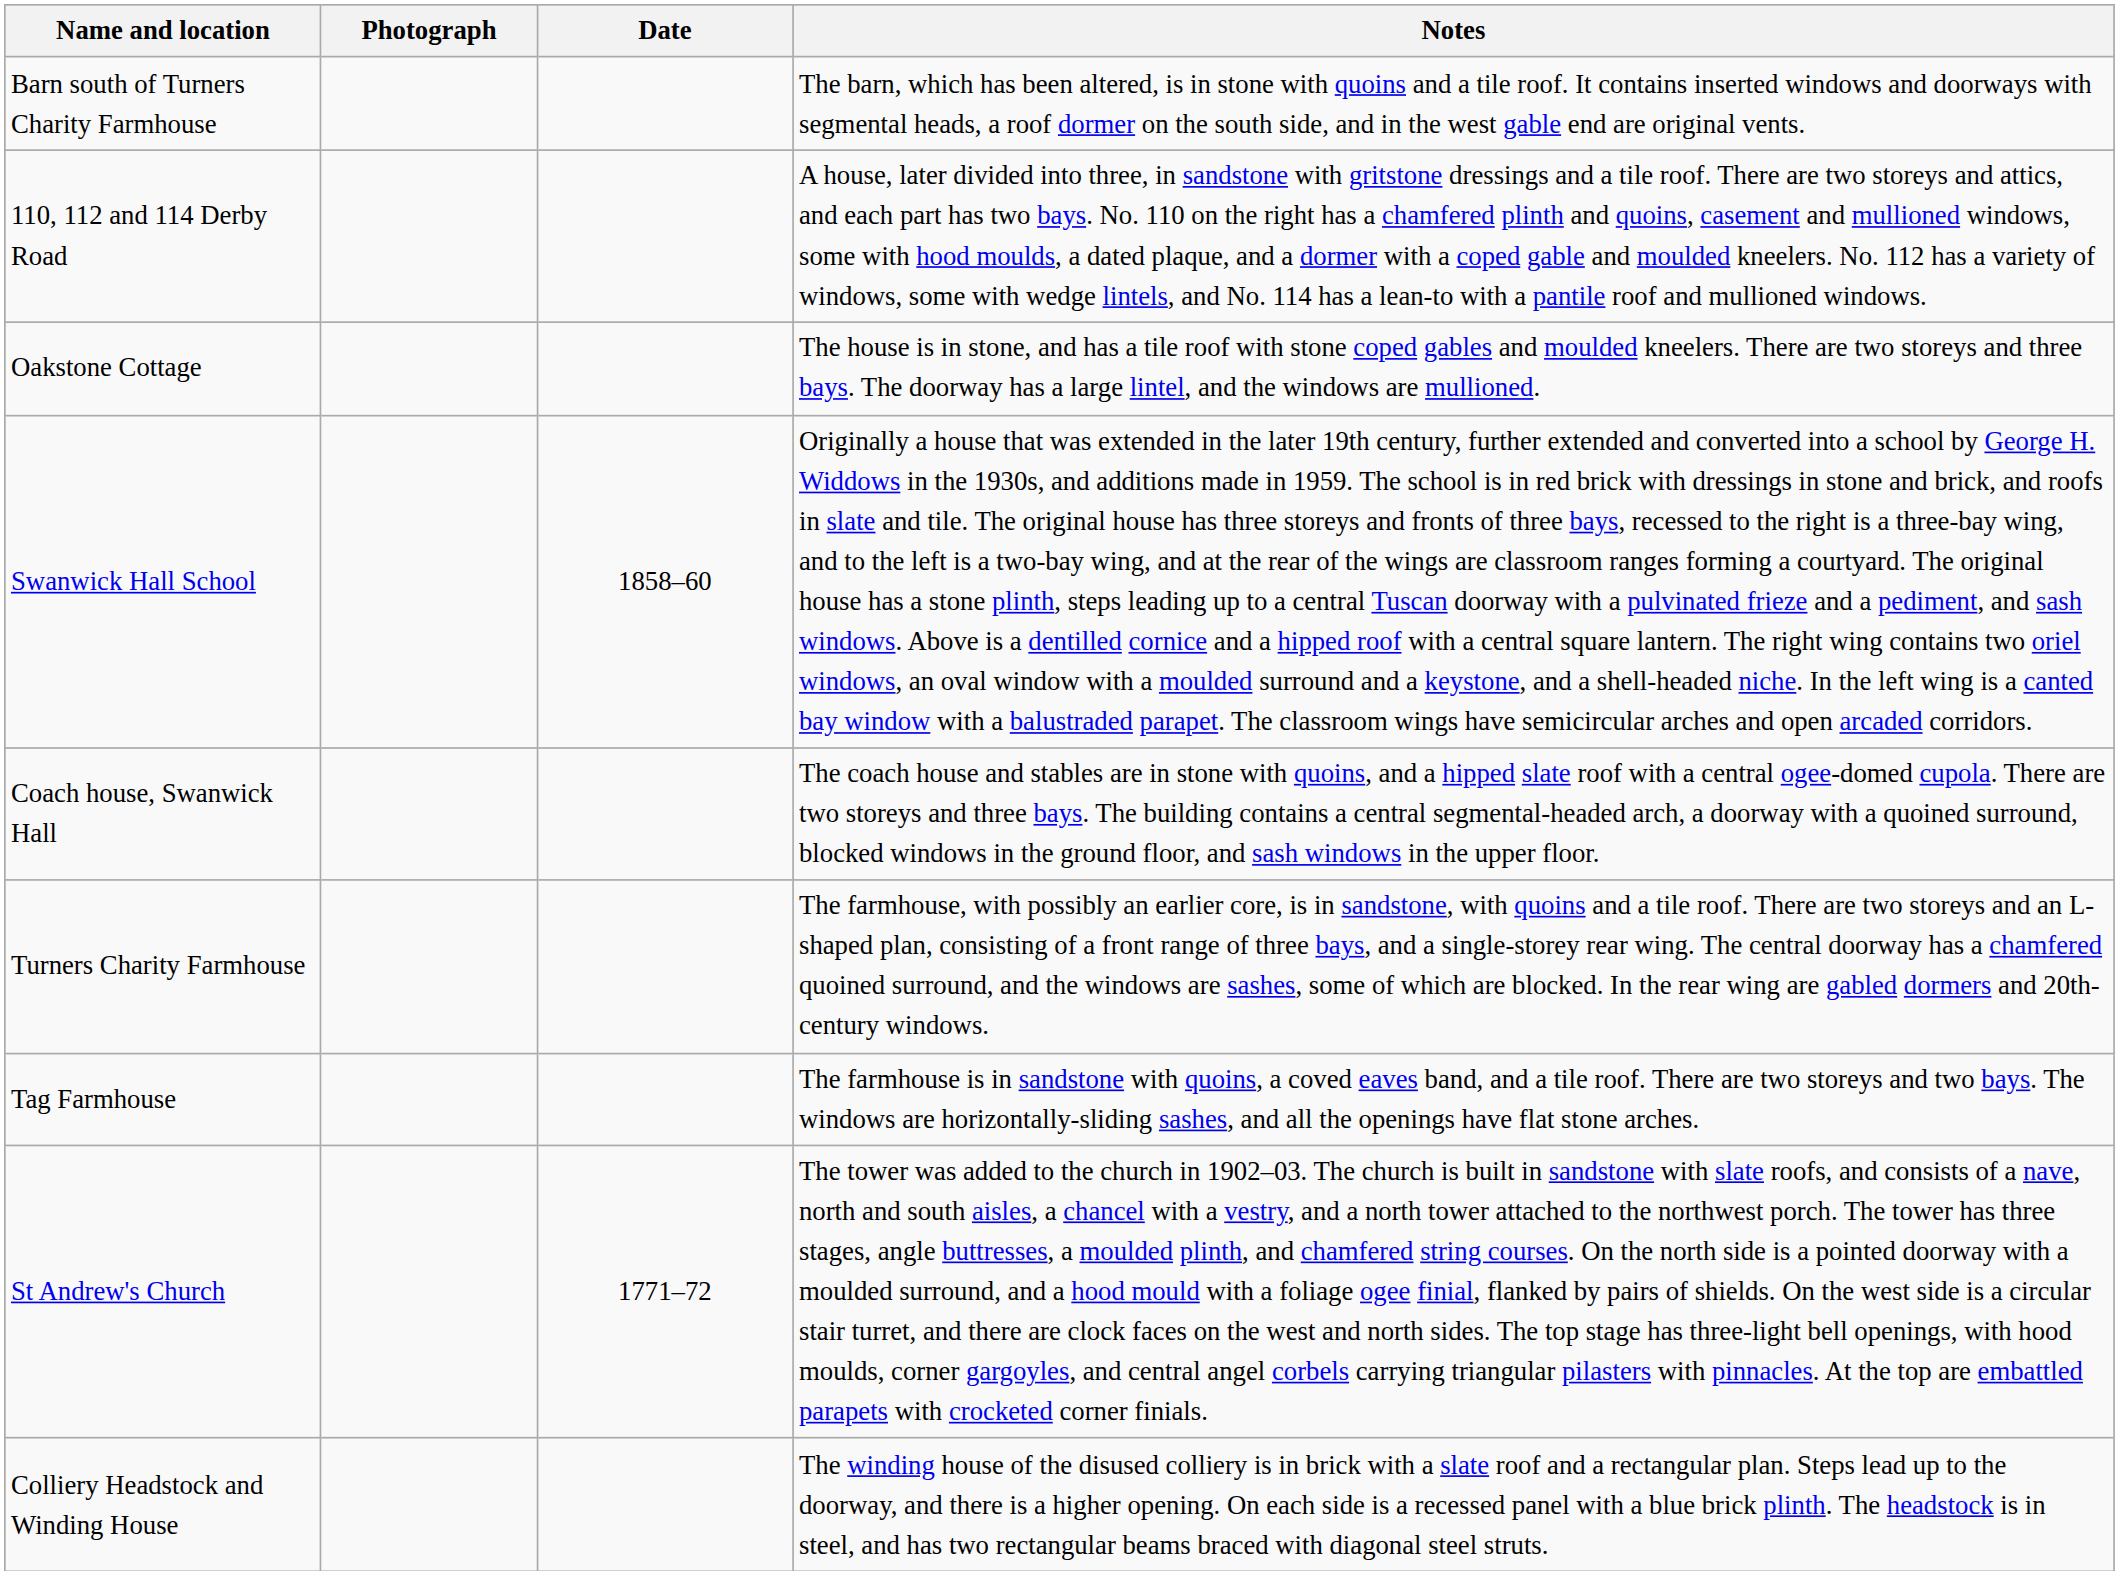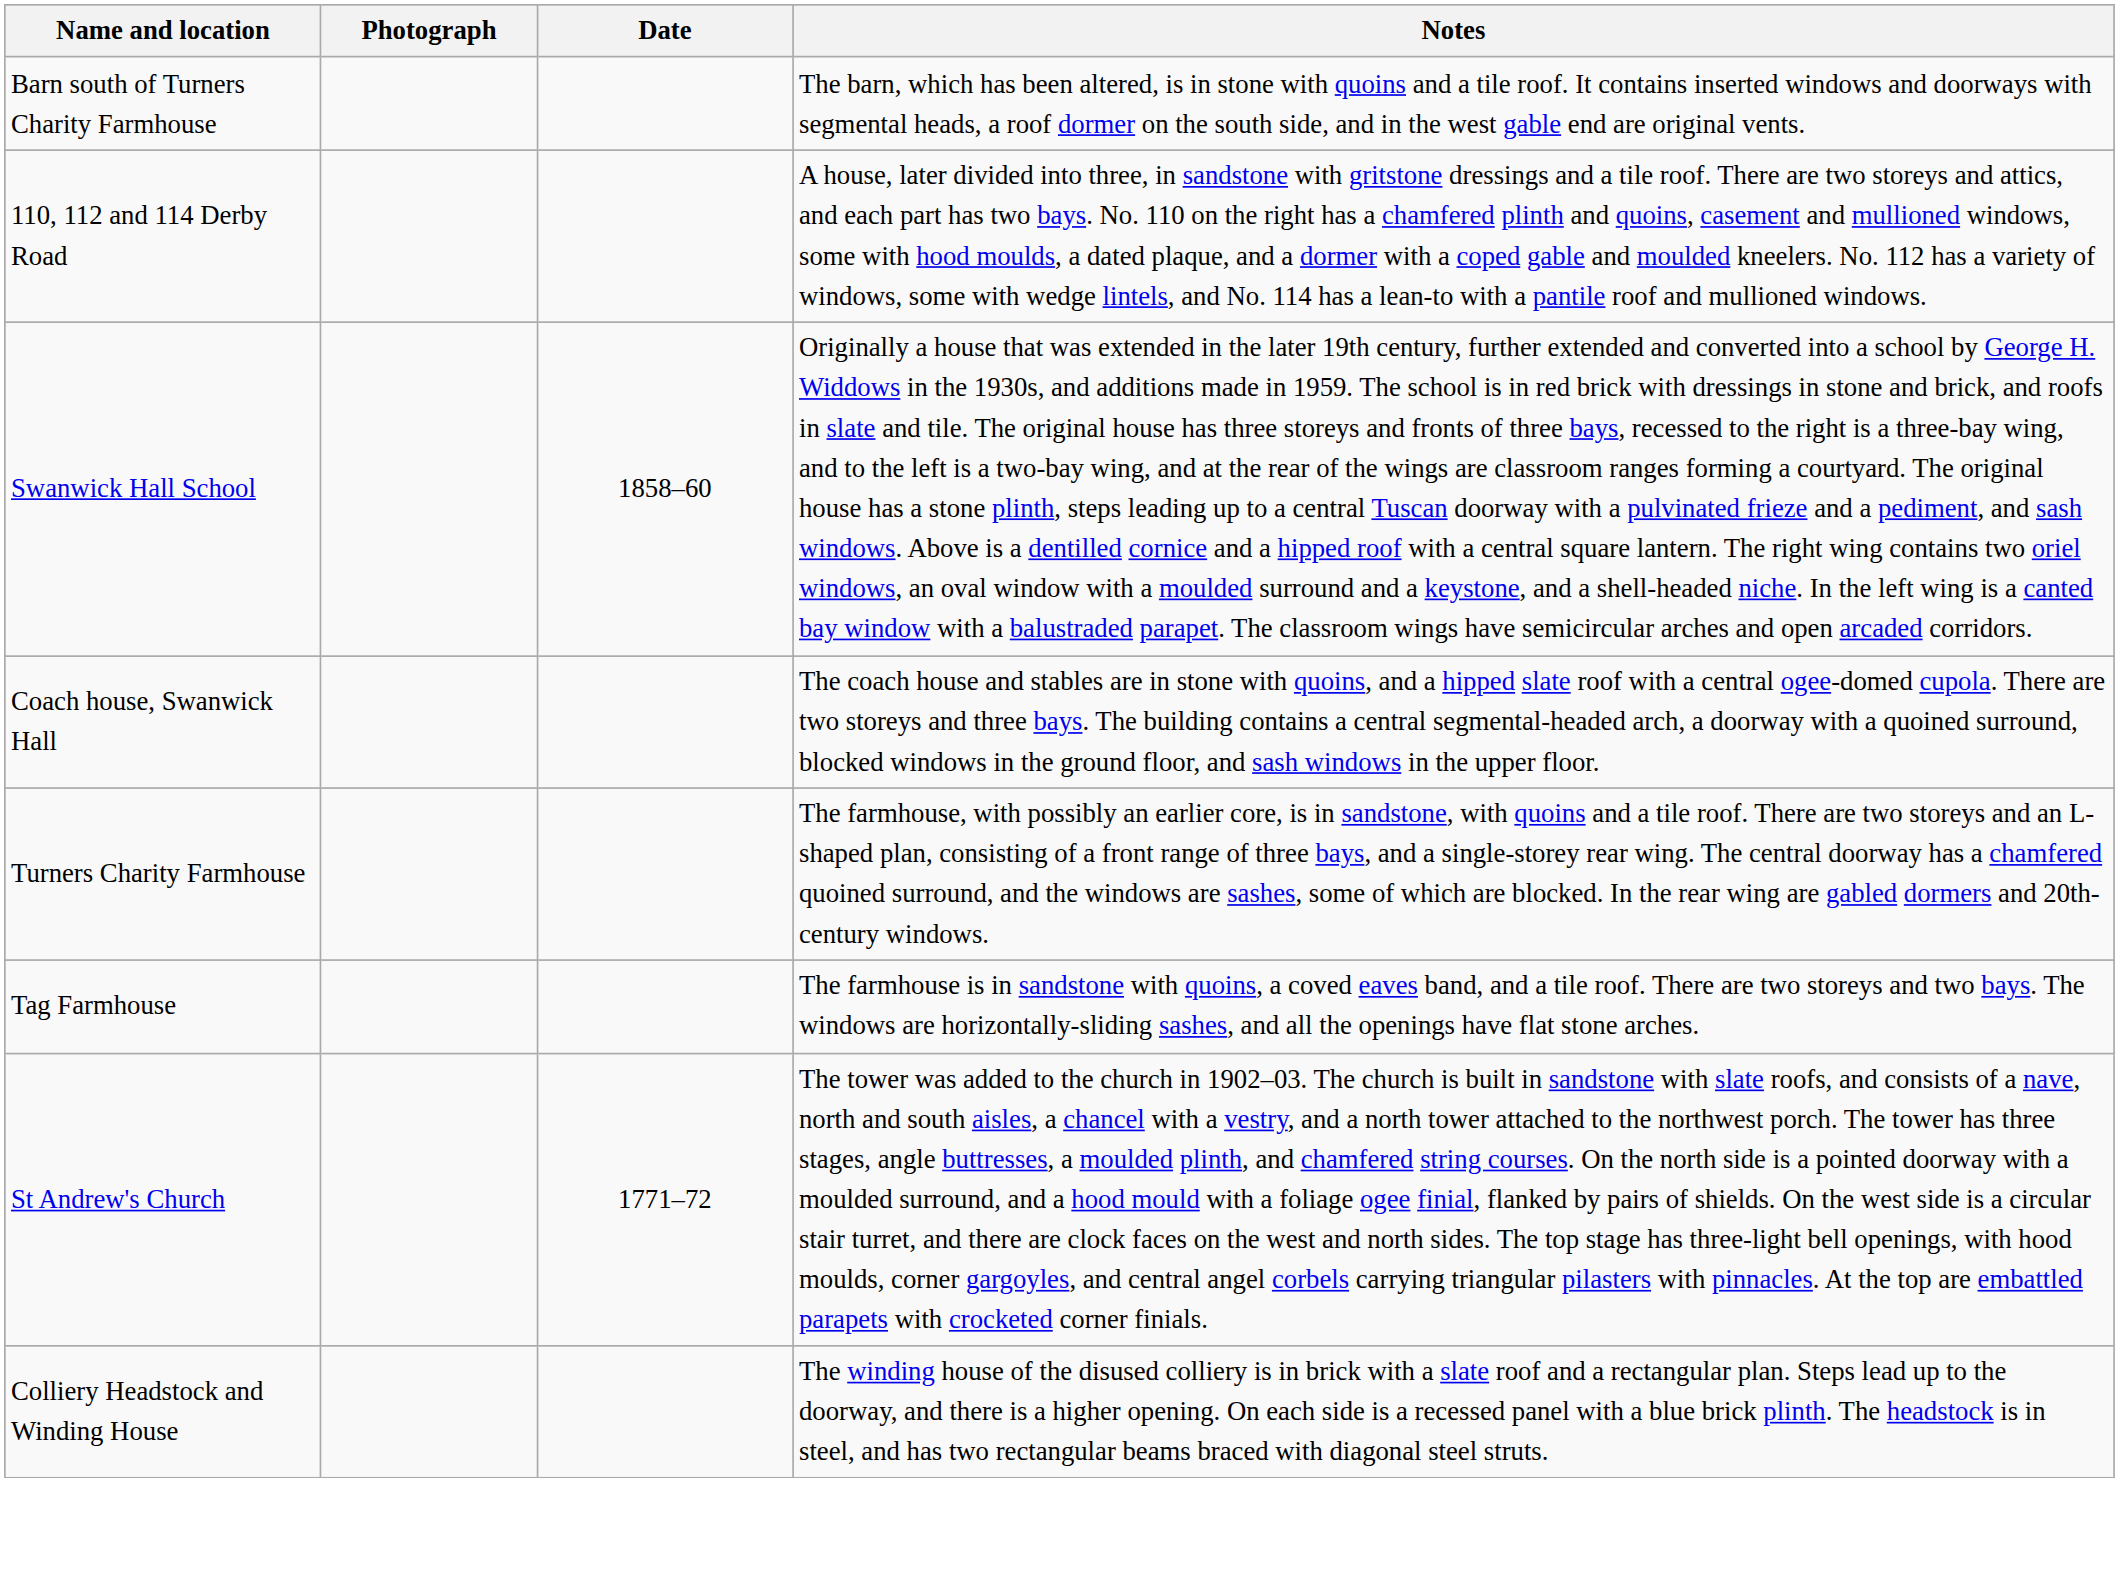 <table class="wikitable sortable plainrowheaders" style="width:100%;border:0px;text-align:left;line-height:150%;">
 <tr>
 <th scope="col"  style="width:150px">Name and location</th>
 <th scope="col"  style="width:100px" class="unsortable">Photograph</th>
 <th scope="col"  style="width:120px">Date</th>
 <th scope="col"  style="width:650px" class="unsortable">Notes</th>
 </tr>
 <tr>
 <td>Barn south of Turners Charity Farmhouse<br><small></small></td>
 <td></td>
 <td align="center"></td>
 <td>The barn, which has been altered, is in stone with <a href='#'>quoins</a> and a tile roof.  It contains inserted windows and doorways with segmental heads, a roof <a href='#'>dormer</a> on the south side, and in the west <a href='#'>gable</a> end are original vents.</td>
 </tr>
 <tr>
 <td>110, 112 and 114 Derby Road<br><small></small></td>
 <td></td>
 <td align="center"></td>
 <td>A house, later divided into three, in <a href='#'>sandstone</a> with <a href='#'>gritstone</a> dressings and a tile roof.  There are two storeys and attics, and each part has two <a href='#'>bays</a>.  No. 110 on the right has a <a href='#'>chamfered</a> <a href='#'>plinth</a> and <a href='#'>quoins</a>, <a href='#'>casement</a> and <a href='#'>mullioned</a> windows, some with <a href='#'>hood moulds</a>, a dated plaque, and a <a href='#'>dormer</a> with a <a href='#'>coped</a> <a href='#'>gable</a> and <a href='#'>moulded</a> kneelers.  No. 112 has a variety of windows, some with wedge <a href='#'>lintels</a>, and No. 114 has a lean-to with a <a href='#'>pantile</a> roof and mullioned windows.</td>
-</tr>
-<tr>
-<td>Oakstone Cottage<br><small></small></td>
-<td></td>
-<td align="center"></td>
-<td>The house is in stone, and has a tile roof with stone <a href='#'>coped</a> <a href='#'>gables</a> and <a href='#'>moulded</a> kneelers.  There are two storeys and three <a href='#'>bays</a>.  The doorway has a large <a href='#'>lintel</a>, and the windows are <a href='#'>mullioned</a>.</td>
 </tr>
 <tr>
 <td><a href='#'>Swanwick Hall School</a><br><small></small></td>
 <td></td>
 <td align="center">1858–60</td>
 <td>Originally a house that was extended in the later 19th century, further extended and converted into a school by <a href='#'>George H. Widdows</a> in the 1930s, and additions made in 1959.  The school is in red brick with dressings in stone and brick, and roofs in <a href='#'>slate</a> and tile.  The original house has three storeys and fronts of three <a href='#'>bays</a>, recessed to the right is a three-bay wing, and to the left is a two-bay wing, and at the rear of the wings are classroom ranges forming a courtyard.  The original house has a stone <a href='#'>plinth</a>, steps leading up to a central <a href='#'>Tuscan</a> doorway with a <a href='#'>pulvinated frieze</a> and a <a href='#'>pediment</a>, and <a href='#'>sash windows</a>.  Above is a <a href='#'>dentilled</a> <a href='#'>cornice</a> and a <a href='#'>hipped roof</a> with a central square lantern.  The right wing contains two <a href='#'>oriel windows</a>, an oval window with a <a href='#'>moulded</a> surround and a <a href='#'>keystone</a>, and a shell-headed <a href='#'>niche</a>.  In the left wing is a <a href='#'>canted</a> <a href='#'>bay window</a> with a <a href='#'>balustraded</a> <a href='#'>parapet</a>.  The classroom wings have semicircular arches and open <a href='#'>arcaded</a> corridors.</td>
 </tr>
 <tr>
 <td>Coach house, Swanwick Hall<br><small></small></td>
 <td></td>
 <td align="center"></td>
 <td>The coach house and stables are in stone with <a href='#'>quoins</a>, and a <a href='#'>hipped</a> <a href='#'>slate</a> roof with a central <a href='#'>ogee</a>-domed <a href='#'>cupola</a>.  There are two storeys and three <a href='#'>bays</a>.  The building contains a central segmental-headed arch, a doorway with a quoined surround, blocked windows in the ground floor, and <a href='#'>sash windows</a> in the upper floor.</td>
 </tr>
 <tr>
 <td>Turners Charity Farmhouse<br><small></small></td>
 <td></td>
 <td align="center"></td>
 <td>The farmhouse, with possibly an earlier core, is in <a href='#'>sandstone</a>, with <a href='#'>quoins</a> and a tile roof.  There are two storeys and an L-shaped plan, consisting of a front range of three <a href='#'>bays</a>, and a single-storey rear wing.  The central doorway has a <a href='#'>chamfered</a> quoined surround, and the windows are <a href='#'>sashes</a>, some of which are blocked.  In the rear wing are <a href='#'>gabled</a> <a href='#'>dormers</a> and 20th-century windows.</td>
 </tr>
 <tr>
 <td>Tag Farmhouse<br><small></small></td>
 <td></td>
 <td align="center"></td>
 <td>The farmhouse is in <a href='#'>sandstone</a> with <a href='#'>quoins</a>, a coved <a href='#'>eaves</a> band, and a tile roof.  There are two storeys and two <a href='#'>bays</a>.  The windows are horizontally-sliding <a href='#'>sashes</a>, and all the openings have flat stone arches.</td>
 </tr>
 <tr>
 <td><a href='#'>St Andrew's Church</a><br><small></small></td>
 <td></td>
 <td align="center">1771–72</td>
 <td>The tower was added to the church in 1902–03.  The church is built in <a href='#'>sandstone</a> with <a href='#'>slate</a> roofs, and consists of a <a href='#'>nave</a>, north and south <a href='#'>aisles</a>, a <a href='#'>chancel</a> with a <a href='#'>vestry</a>, and a north tower attached to the northwest porch.  The tower has three stages, angle <a href='#'>buttresses</a>, a <a href='#'>moulded</a> <a href='#'>plinth</a>, and <a href='#'>chamfered</a> <a href='#'>string courses</a>.  On the north side is a pointed doorway with a moulded surround, and a <a href='#'>hood mould</a> with a foliage <a href='#'>ogee</a> <a href='#'>finial</a>, flanked by pairs of shields.  On the west side is a circular stair turret, and there are clock faces on the west and north sides.  The top stage has three-light bell openings, with hood moulds, corner <a href='#'>gargoyles</a>, and central angel <a href='#'>corbels</a> carrying triangular <a href='#'>pilasters</a> with <a href='#'>pinnacles</a>.  At the top are <a href='#'>embattled</a> <a href='#'>parapets</a> with <a href='#'>crocketed</a> corner finials.</td>
 </tr>
 <tr>
 <td>Colliery Headstock and Winding House<br><small></small></td>
 <td></td>
 <td align="center"></td>
 <td>The <a href='#'>winding</a> house of the disused colliery is in brick with a <a href='#'>slate</a> roof and a rectangular plan.  Steps lead up to the doorway, and there is a higher opening.  On each side is a recessed panel with a blue brick <a href='#'>plinth</a>.  The <a href='#'>headstock</a> is in steel, and has two rectangular beams braced with diagonal steel struts.</td>
 </tr>
 <tr>
 </tr>
 </table>
